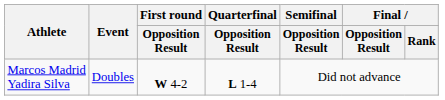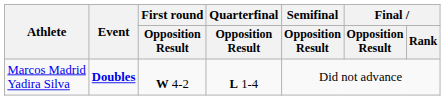 <table class=wikitable style=font-size:90%;text-align:center>
 <tr>
 <th rowspan=2>Athlete</th>
 <th rowspan=2>Event</th>
 <th>First round</th>
 <th>Quarterfinal</th>
 <th>Semifinal</th>
 <th colspan=2>Final / </th>
 </tr>
 <tr style=font-size:95%>
 <th>Opposition<br>Result</th>
 <th>Opposition<br>Result</th>
 <th>Opposition<br>Result</th>
 <th>Opposition<br>Result</th>
 <th>Rank</th>
 </tr>
 <tr>
 <td align=left><a href='#'>Marcos Madrid</a><br><a href='#'>Yadira Silva</a></td>
-<td align=left><a href='#'>Doubles</a></td>
+<td align=left><strong><a href='#'>Doubles</a></strong></td>
 <td><br><strong>W</strong> 4-2</td>
 <td><br><strong>L</strong> 1-4</td>
 <td colspan=3>Did not advance</td>
 </tr>
 </table>
